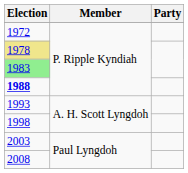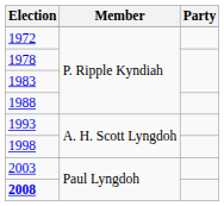 <table class="wikitable sortable">
 <tr>
 <th>Election</th>
 <th>Member</th>
 <th colspan=2>Party</th>
 </tr>
 <tr>
 </tr>
 <tr>
 </tr>
 <tr>
 </tr>
 <tr>
 </tr>
 <tr>
 <td><a href='#'>1972</a></td>
 <td rowspan=4>P. Ripple Kyndiah</td>
 <td></td>
 </tr>
 <tr>
-<td style="background: khaki;"><a href='#'>1978</a></td>
+<td><a href='#'>1978</a></td>
 </tr>
 <tr>
-<td style="background: lightgreen;"><a href='#'>1983</a></td>
+<td><a href='#'>1983</a></td>
 </tr>
 <tr>
-<td><strong><a href='#'>1988</a></strong></td>
+<td><a href='#'>1988</a></td>
 <td></td>
 </tr>
 <tr>
 <td><a href='#'>1993</a></td>
 <td rowspan=2>A. H. Scott Lyngdoh</td>
 <td></td>
 </tr>
 <tr>
 <td><a href='#'>1998</a></td>
 <td></td>
 </tr>
 <tr>
 <td><a href='#'>2003</a></td>
 <td rowspan=2>Paul Lyngdoh</td>
 <td></td>
 </tr>
 <tr>
-<td><a href='#'>2008</a></td>
+<td><strong><a href='#'>2008</a></strong></td>
 </tr>
 </table>
